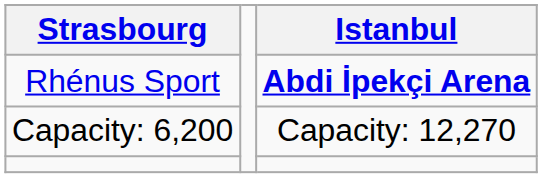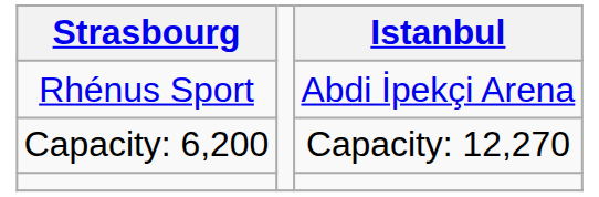 <table class="wikitable" style="margin: 1em auto; text-align:center;">
 <tr>
 <th><a href='#'>Strasbourg</a></th>
 <td rowspan=4></td>
 <th><a href='#'>Istanbul</a></th>
 </tr>
 <tr>
 <td><a href='#'>Rhénus Sport</a></td>
-<td><strong><a href='#'>Abdi İpekçi Arena</a></strong></td>
+<td><a href='#'>Abdi İpekçi Arena</a></td>
 </tr>
 <tr>
 <td>Capacity: 6,200</td>
 <td>Capacity: 12,270</td>
 </tr>
 <tr>
 <td></td>
 <td></td>
 </tr>
 </table>
